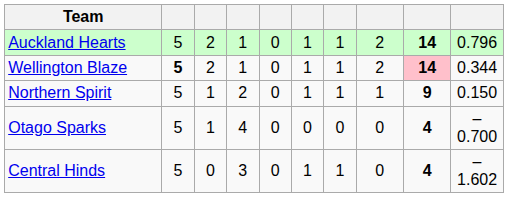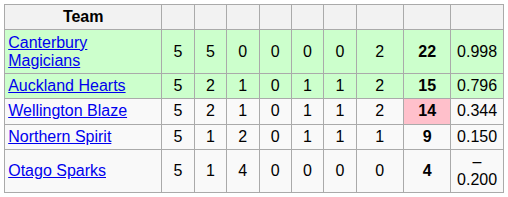 <table class="wikitable" style="text-align:center">
 <tr>
 <th width="150">Team</th>
 <th width="25"></th>
 <th width="25"></th>
 <th width="25"></th>
 <th width="25"></th>
 <th width="25"></th>
 <th width="25"></th>
 <th width="40"></th>
 <th width="40"></th>
 <th width="45"></th>
 </tr>
 <tr style="background:#cfc">
+<td style="text-align:left"><a href='#'>Canterbury Magicians</a></td>
+<td>5</td>
+<td>5</td>
+<td>0</td>
+<td>0</td>
+<td>0</td>
+<td>0</td>
+<td>2</td>
+<td><strong>22</strong></td>
+<td>0.998</td>
+</tr>
+<tr style="background:#cfc">
 <td style="text-align:left"><a href='#'>Auckland Hearts</a></td>
 <td>5</td>
 <td>2</td>
 <td>1</td>
 <td>0</td>
 <td>1</td>
 <td>1</td>
 <td>2</td>
-<td><strong>14</strong></td>
+<td><strong>15</strong></td>
 <td>0.796</td>
 </tr>
 <tr>
 <td style="text-align:left"><a href='#'>Wellington Blaze</a></td>
-<td><strong>5</strong></td>
+<td>5</td>
 <td>2</td>
 <td>1</td>
 <td>0</td>
 <td>1</td>
 <td>1</td>
 <td>2</td>
 <td style="background: pink;"><strong>14</strong></td>
 <td>0.344</td>
 </tr>
 <tr>
 <td style="text-align:left"><a href='#'>Northern Spirit</a></td>
 <td>5</td>
 <td>1</td>
 <td>2</td>
 <td>0</td>
 <td>1</td>
 <td>1</td>
 <td>1</td>
 <td><strong>9</strong></td>
 <td>0.150</td>
 </tr>
 <tr>
 <td style="text-align:left"><a href='#'>Otago Sparks</a></td>
 <td>5</td>
 <td>1</td>
 <td>4</td>
 <td>0</td>
 <td>0</td>
 <td>0</td>
 <td>0</td>
 <td><strong>4</strong></td>
-<td>–0.700</td>
-</tr>
-<tr>
-<td style="text-align:left"><a href='#'>Central Hinds</a></td>
-<td>5</td>
-<td>0</td>
-<td>3</td>
-<td>0</td>
-<td>1</td>
-<td>1</td>
-<td>0</td>
-<td><strong>4</strong></td>
-<td>–1.602</td>
+<td>–0.200</td>
 </tr>
 </table>
